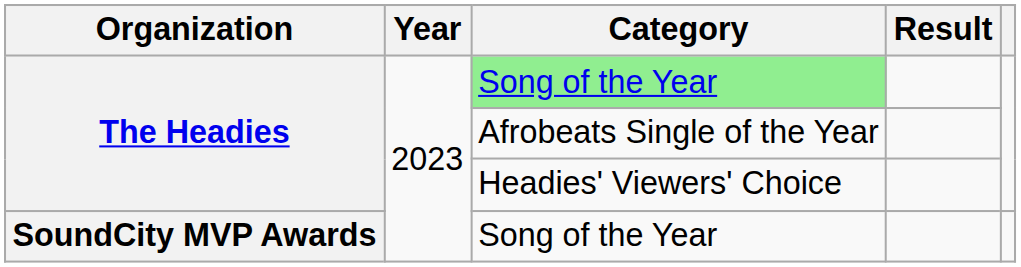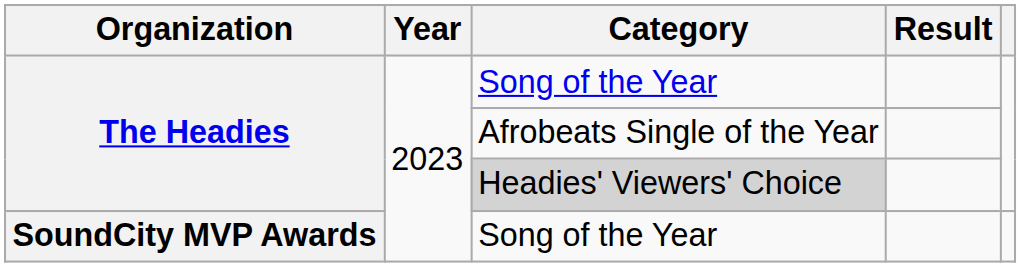 <table class="wikitable sortable plainrowheaders" style="border:none; margin:0;">
 <tr>
 <th scope="col">Organization</th>
 <th scope="col">Year</th>
 <th scope="col">Category</th>
 <th scope="col">Result</th>
 <th class="unsortable" scope="col"></th>
 </tr>
 <tr>
 <th scope="row" rowspan="3"><a href='#'>The Headies</a></th>
 <td rowspan="4">2023</td>
-<td style="background: lightgreen;"><a href='#'>Song of the Year</a></td>
+<td><a href='#'>Song of the Year</a></td>
 <td></td>
 <td style="text-align:center" rowspan="3"></td>
 </tr>
 <tr>
 <td>Afrobeats Single of the Year</td>
 <td></td>
 </tr>
 <tr>
-<td>Headies' Viewers' Choice</td>
+<td style="background: lightgrey;">Headies' Viewers' Choice</td>
 <td></td>
 </tr>
 <tr>
 <th scope="row">SoundCity MVP Awards</th>
 <td>Song of the Year</td>
 <td></td>
 <td style="text-align:center"></td>
 </tr>
 </table>
